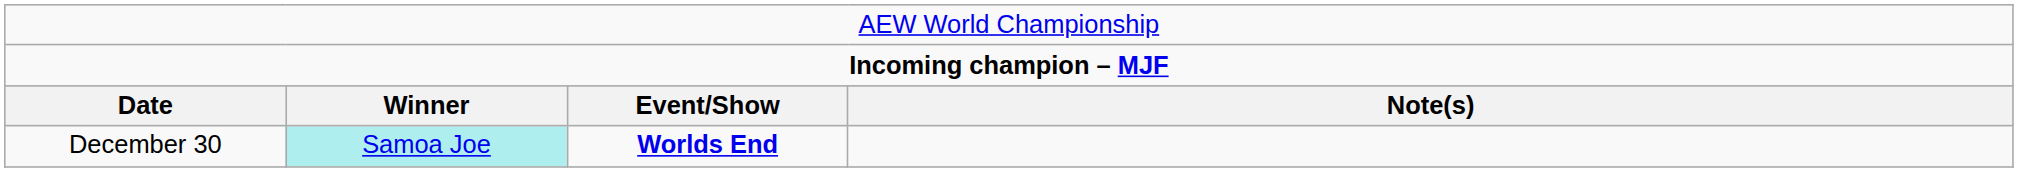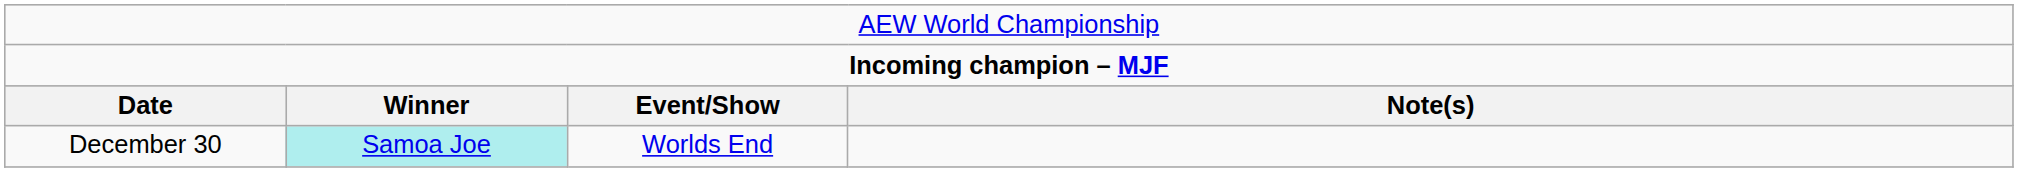 <table class="wikitable" style="text-align:center; width:100%;">
 <tr>
 <td colspan="4" style="text-align: center;"><a href='#'>AEW World Championship</a></td>
 </tr>
 <tr>
 <td colspan="4" style="text-align: center;"><strong>Incoming champion – <a href='#'>MJF</a></strong></td>
 </tr>
 <tr>
 <th width=14%>Date</th>
 <th width=14%>Winner</th>
 <th width=14%>Event/Show</th>
 <th width=58%>Note(s)</th>
 </tr>
 <tr>
 <td>December 30</td>
 <td style="background: paleturquoise;"><a href='#'>Samoa Joe</a></td>
-<td><strong><a href='#'>Worlds End</a></strong></td>
+<td><a href='#'>Worlds End</a></td>
 <td></td>
 </tr>
 </table>
